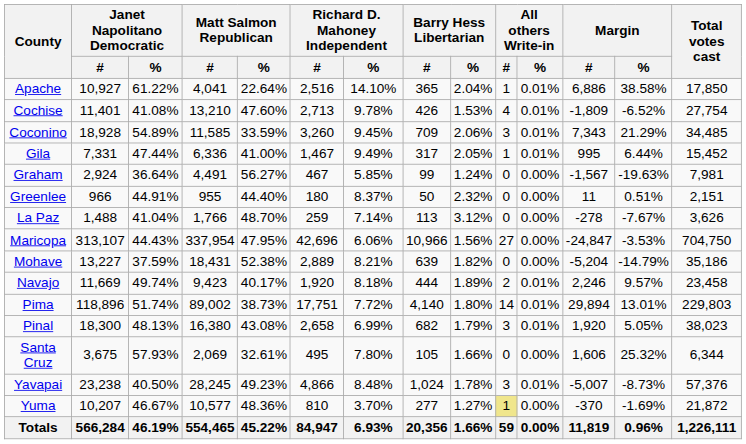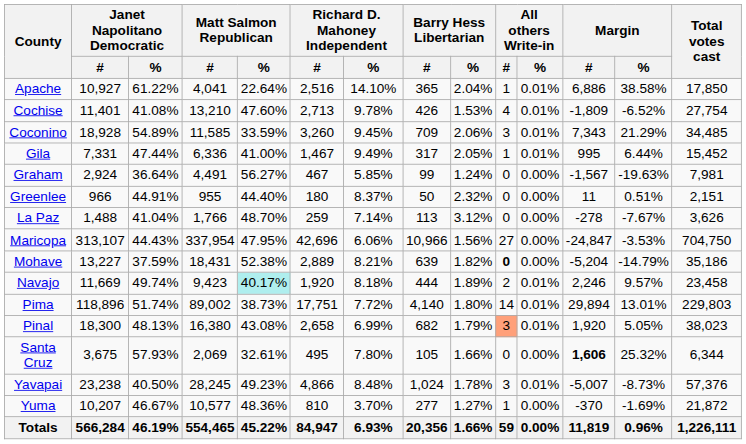 <table class="wikitable sortable">
 <tr>
 <th rowspan="2">County</th>
 <th style="text-align:center;" colspan="2">Janet Napolitano<br>Democratic</th>
 <th style="text-align:center;" colspan="2">Matt Salmon<br>Republican</th>
 <th style="text-align:center;" colspan="2">Richard D. Mahoney<br>Independent</th>
 <th style="text-align:center;" colspan="2">Barry Hess<br>Libertarian</th>
 <th style="text-align:center;" colspan="2">All others <br>Write-in</th>
 <th style="text-align:center;" colspan="2">Margin</th>
 <th style="text-align:center;" rowspan="2">Total votes<br>cast</th>
 </tr>
 <tr>
 <th style="text-align:center;" data-sort-type="number">#</th>
 <th style="text-align:center;" data-sort-type="number">%</th>
 <th style="text-align:center;" data-sort-type="number">#</th>
 <th style="text-align:center;" data-sort-type="number">%</th>
 <th style="text-align:center;" data-sort-type="number">#</th>
 <th style="text-align:center;" data-sort-type="number">%</th>
 <th style="text-align:center;" data-sort-type="number">#</th>
 <th style="text-align:center;" data-sort-type="number">%</th>
 <th style="text-align:center;" data-sort-type="number">#</th>
 <th style="text-align:center;" data-sort-type="number">%</th>
 <th style="text-align:center;" data-sort-type="number">#</th>
 <th style="text-align:center;" data-sort-type="number">%</th>
 </tr>
 <tr style="text-align:center;">
 <td><a href='#'>Apache</a></td>
 <td>10,927</td>
 <td>61.22%</td>
 <td>4,041</td>
 <td>22.64%</td>
 <td>2,516</td>
 <td>14.10%</td>
 <td>365</td>
 <td>2.04%</td>
 <td>1</td>
 <td>0.01%</td>
 <td>6,886</td>
 <td>38.58%</td>
 <td>17,850</td>
 </tr>
 <tr style="text-align:center;">
 <td><a href='#'>Cochise</a></td>
 <td>11,401</td>
 <td>41.08%</td>
 <td>13,210</td>
 <td>47.60%</td>
 <td>2,713</td>
 <td>9.78%</td>
 <td>426</td>
 <td>1.53%</td>
 <td>4</td>
 <td>0.01%</td>
 <td>-1,809</td>
 <td>-6.52%</td>
 <td>27,754</td>
 </tr>
 <tr style="text-align:center;">
 <td><a href='#'>Coconino</a></td>
 <td>18,928</td>
 <td>54.89%</td>
 <td>11,585</td>
 <td>33.59%</td>
 <td>3,260</td>
 <td>9.45%</td>
 <td>709</td>
 <td>2.06%</td>
 <td>3</td>
 <td>0.01%</td>
 <td>7,343</td>
 <td>21.29%</td>
 <td>34,485</td>
 </tr>
 <tr style="text-align:center;">
 <td><a href='#'>Gila</a></td>
 <td>7,331</td>
 <td>47.44%</td>
 <td>6,336</td>
 <td>41.00%</td>
 <td>1,467</td>
 <td>9.49%</td>
 <td>317</td>
 <td>2.05%</td>
 <td>1</td>
 <td>0.01%</td>
 <td>995</td>
 <td>6.44%</td>
 <td>15,452</td>
 </tr>
 <tr style="text-align:center;">
 <td><a href='#'>Graham</a></td>
 <td>2,924</td>
 <td>36.64%</td>
 <td>4,491</td>
 <td>56.27%</td>
 <td>467</td>
 <td>5.85%</td>
 <td>99</td>
 <td>1.24%</td>
 <td>0</td>
 <td>0.00%</td>
 <td>-1,567</td>
 <td>-19.63%</td>
 <td>7,981</td>
 </tr>
 <tr style="text-align:center;">
 <td><a href='#'>Greenlee</a></td>
 <td>966</td>
 <td>44.91%</td>
 <td>955</td>
 <td>44.40%</td>
 <td>180</td>
 <td>8.37%</td>
 <td>50</td>
 <td>2.32%</td>
 <td>0</td>
 <td>0.00%</td>
 <td>11</td>
 <td>0.51%</td>
 <td>2,151</td>
 </tr>
 <tr style="text-align:center;">
 <td><a href='#'>La Paz</a></td>
 <td>1,488</td>
 <td>41.04%</td>
 <td>1,766</td>
 <td>48.70%</td>
 <td>259</td>
 <td>7.14%</td>
 <td>113</td>
 <td>3.12%</td>
 <td>0</td>
 <td>0.00%</td>
 <td>-278</td>
 <td>-7.67%</td>
 <td>3,626</td>
 </tr>
 <tr style="text-align:center;">
 <td><a href='#'>Maricopa</a></td>
 <td>313,107</td>
 <td>44.43%</td>
 <td>337,954</td>
 <td>47.95%</td>
 <td>42,696</td>
 <td>6.06%</td>
 <td>10,966</td>
 <td>1.56%</td>
 <td>27</td>
 <td>0.00%</td>
 <td>-24,847</td>
 <td>-3.53%</td>
 <td>704,750</td>
 </tr>
 <tr style="text-align:center;">
 <td><a href='#'>Mohave</a></td>
 <td>13,227</td>
 <td>37.59%</td>
 <td>18,431</td>
 <td>52.38%</td>
 <td>2,889</td>
 <td>8.21%</td>
 <td>639</td>
 <td>1.82%</td>
-<td>0</td>
+<td><strong>0</strong></td>
 <td>0.00%</td>
 <td>-5,204</td>
 <td>-14.79%</td>
 <td>35,186</td>
 </tr>
 <tr style="text-align:center;">
 <td><a href='#'>Navajo</a></td>
 <td>11,669</td>
 <td>49.74%</td>
 <td>9,423</td>
-<td>40.17%</td>
+<td style="background: paleturquoise;">40.17%</td>
 <td>1,920</td>
 <td>8.18%</td>
 <td>444</td>
 <td>1.89%</td>
 <td>2</td>
 <td>0.01%</td>
 <td>2,246</td>
 <td>9.57%</td>
 <td>23,458</td>
 </tr>
 <tr style="text-align:center;">
 <td><a href='#'>Pima</a></td>
 <td>118,896</td>
 <td>51.74%</td>
 <td>89,002</td>
 <td>38.73%</td>
 <td>17,751</td>
 <td>7.72%</td>
 <td>4,140</td>
 <td>1.80%</td>
 <td>14</td>
 <td>0.01%</td>
 <td>29,894</td>
 <td>13.01%</td>
 <td>229,803</td>
 </tr>
 <tr style="text-align:center;">
 <td><a href='#'>Pinal</a></td>
 <td>18,300</td>
 <td>48.13%</td>
 <td>16,380</td>
 <td>43.08%</td>
 <td>2,658</td>
 <td>6.99%</td>
 <td>682</td>
 <td>1.79%</td>
-<td>3</td>
+<td style="background: lightsalmon;">3</td>
 <td>0.01%</td>
 <td>1,920</td>
 <td>5.05%</td>
 <td>38,023</td>
 </tr>
 <tr style="text-align:center;">
 <td><a href='#'>Santa Cruz</a></td>
 <td>3,675</td>
 <td>57.93%</td>
 <td>2,069</td>
 <td>32.61%</td>
 <td>495</td>
 <td>7.80%</td>
 <td>105</td>
 <td>1.66%</td>
 <td>0</td>
 <td>0.00%</td>
-<td>1,606</td>
+<td><strong>1,606</strong></td>
 <td>25.32%</td>
 <td>6,344</td>
 </tr>
 <tr style="text-align:center;">
 <td><a href='#'>Yavapai</a></td>
 <td>23,238</td>
 <td>40.50%</td>
 <td>28,245</td>
 <td>49.23%</td>
 <td>4,866</td>
 <td>8.48%</td>
 <td>1,024</td>
 <td>1.78%</td>
 <td>3</td>
 <td>0.01%</td>
 <td>-5,007</td>
 <td>-8.73%</td>
 <td>57,376</td>
 </tr>
 <tr style="text-align:center;">
 <td><a href='#'>Yuma</a></td>
 <td>10,207</td>
 <td>46.67%</td>
 <td>10,577</td>
 <td>48.36%</td>
 <td>810</td>
 <td>3.70%</td>
 <td>277</td>
 <td>1.27%</td>
-<td style="background: khaki;">1</td>
+<td>1</td>
 <td>0.00%</td>
 <td>-370</td>
 <td>-1.69%</td>
 <td>21,872</td>
 </tr>
 <tr style="text-align:center;">
 <th>Totals</th>
 <th>566,284</th>
 <th>46.19%</th>
 <th>554,465</th>
 <th>45.22%</th>
 <th>84,947</th>
 <th>6.93%</th>
 <th>20,356</th>
 <th>1.66%</th>
 <th>59</th>
 <th>0.00%</th>
 <th>11,819</th>
 <th>0.96%</th>
 <th>1,226,111</th>
 </tr>
 </table>
